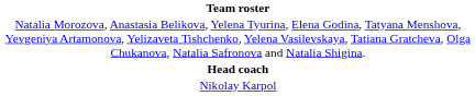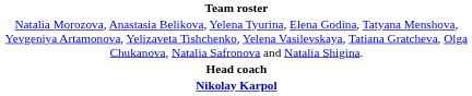 <table style="text-align:center;margin-top:2em;margin-left:auto;margin-right:auto">
 <tr>
 <td><strong>Team roster</strong></td>
 </tr>
 <tr>
 <td><a href='#'>Natalia Morozova</a>, <a href='#'>Anastasia Belikova</a>, <a href='#'>Yelena Tyurina</a>, <a href='#'>Elena Godina</a>, <a href='#'>Tatyana Menshova</a>, <a href='#'>Yevgeniya Artamonova</a>, <a href='#'>Yelizaveta Tishchenko</a>, <a href='#'>Yelena Vasilevskaya</a>, <a href='#'>Tatiana Gratcheva</a>, <a href='#'>Olga Chukanova</a>, <a href='#'>Natalia Safronova</a> and <a href='#'>Natalia Shigina</a>.</td>
 </tr>
 <tr>
 <td><strong>Head coach</strong></td>
 </tr>
 <tr>
-<td><a href='#'>Nikolay Karpol</a></td>
+<td><strong><a href='#'>Nikolay Karpol</a></strong></td>
 </tr>
 </table>
